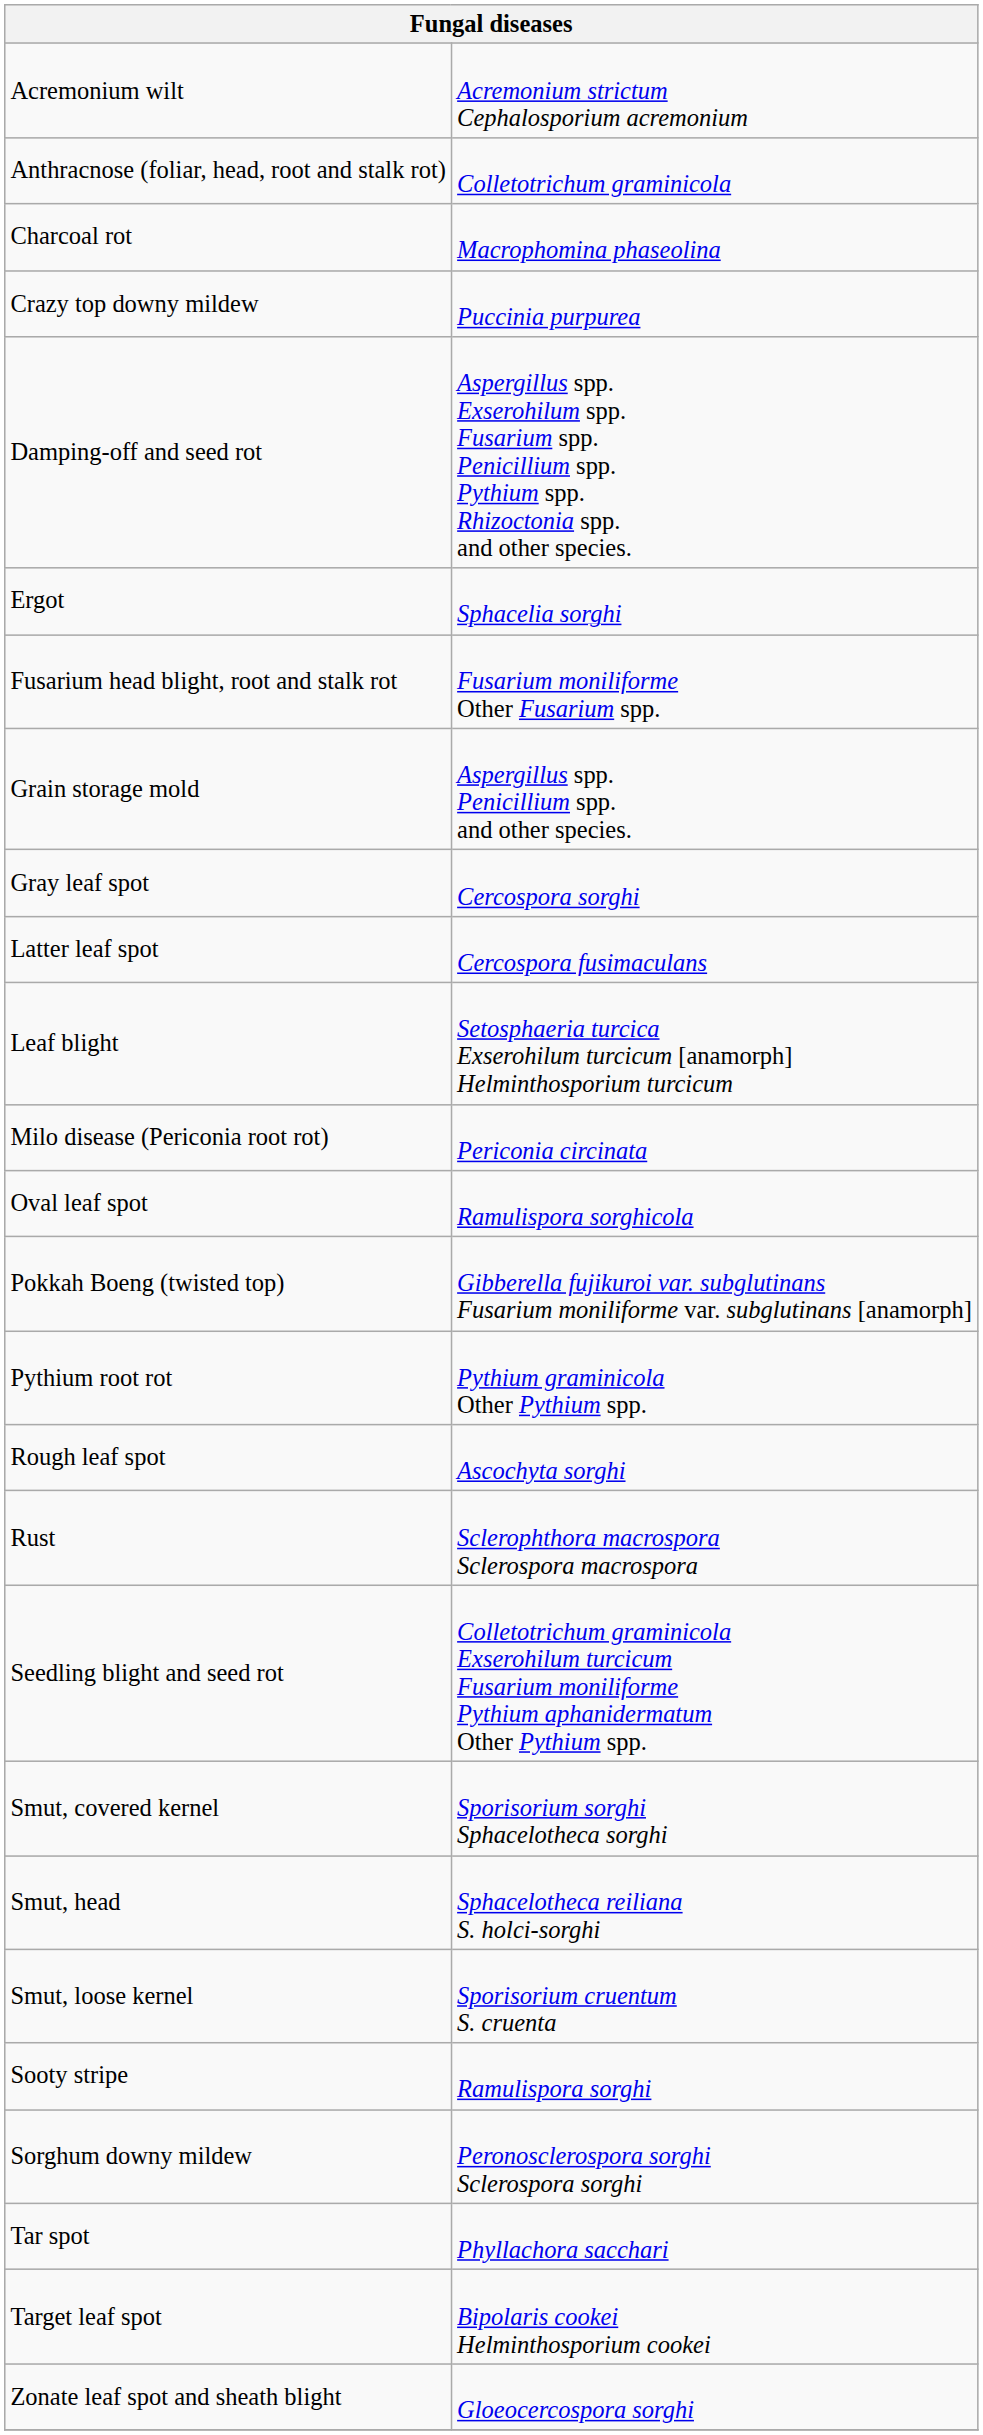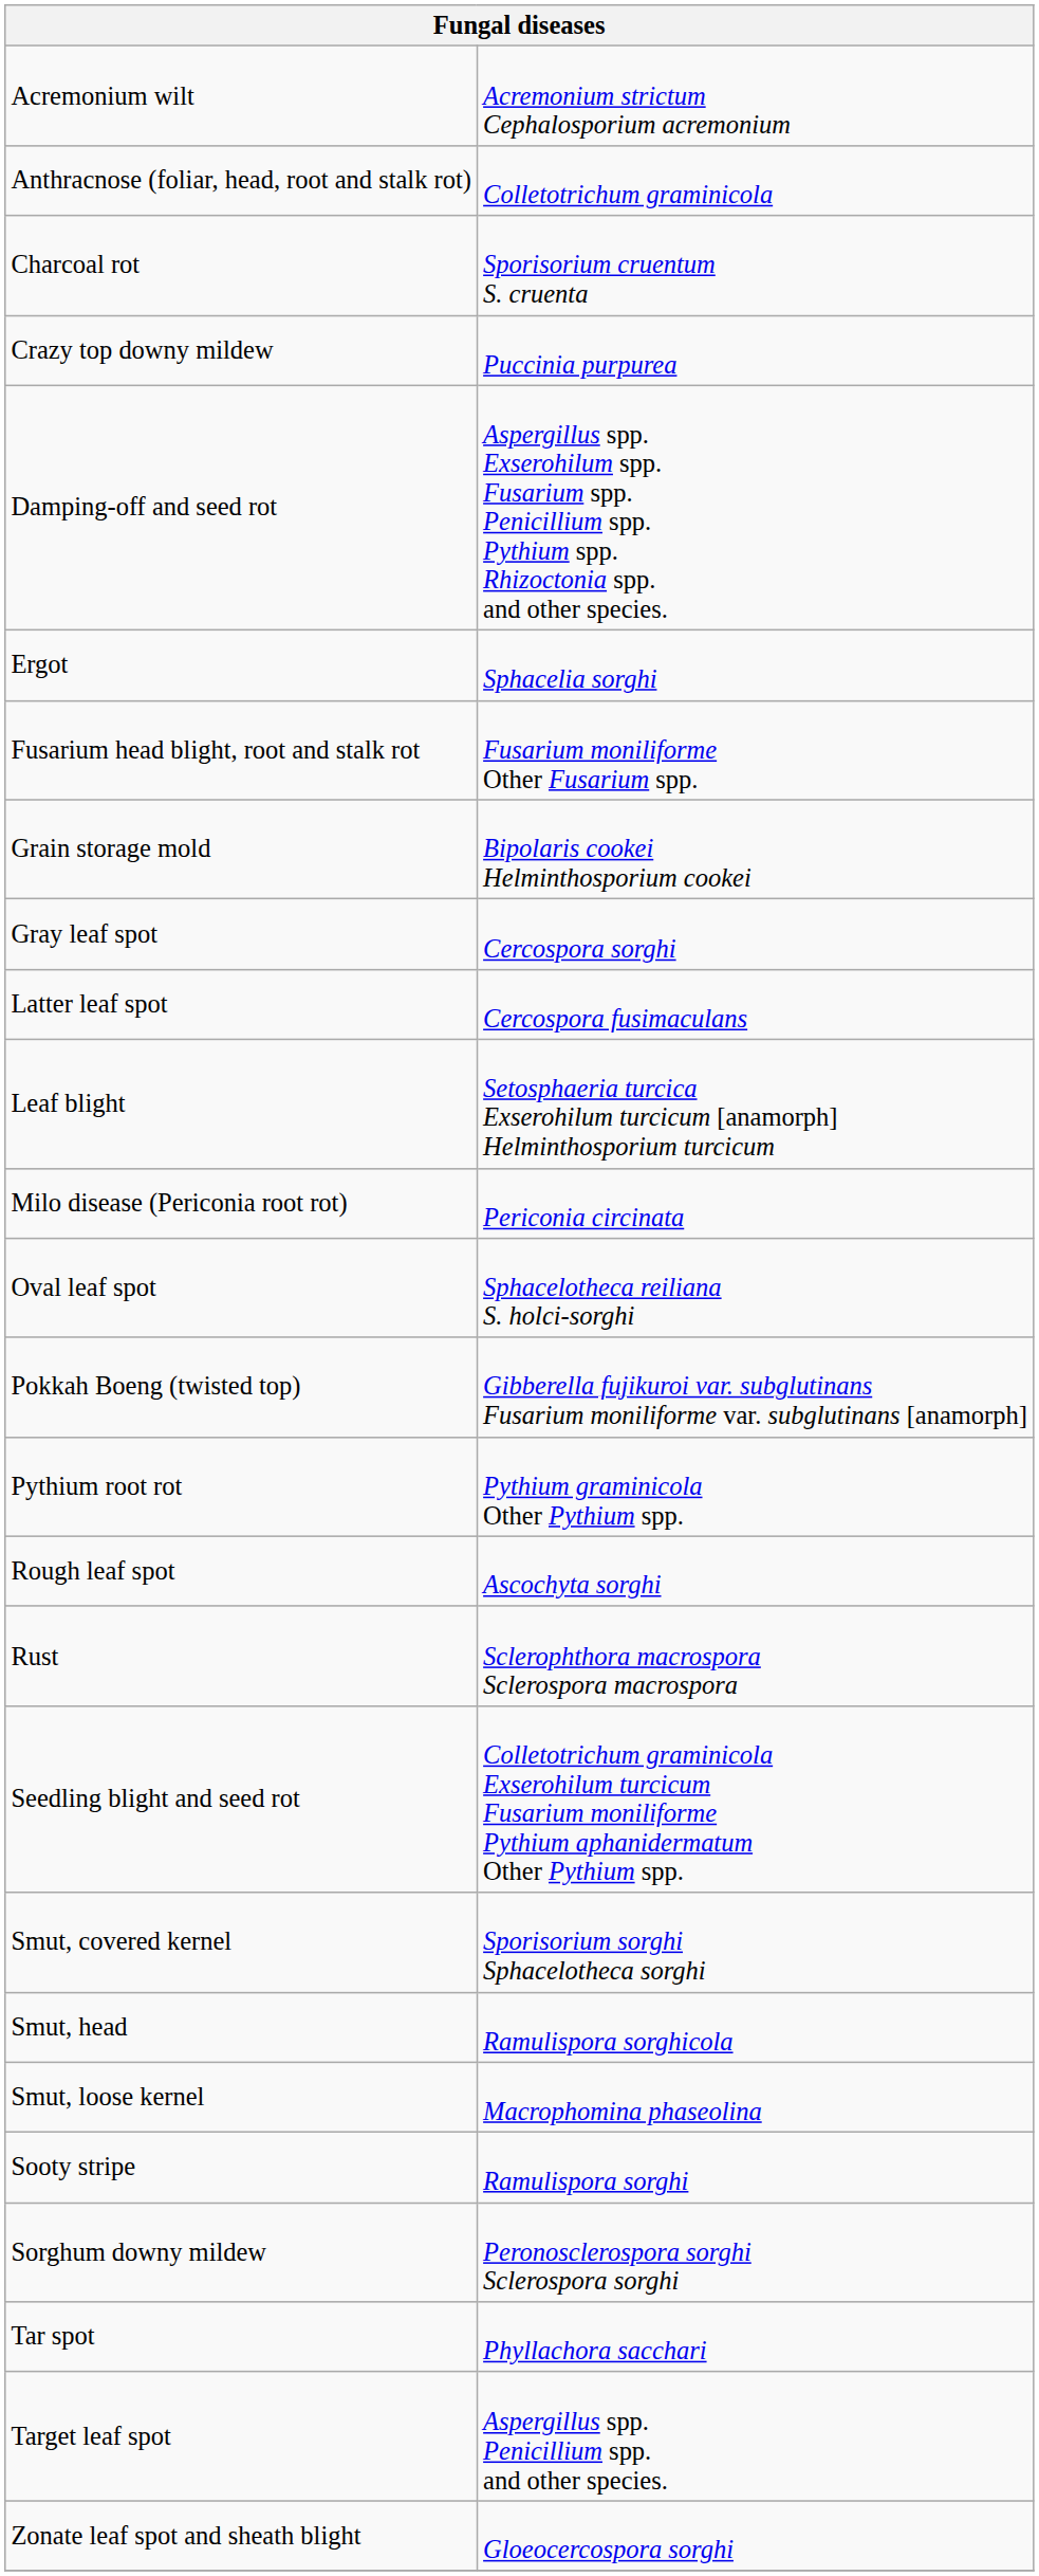 <table class="wikitable" style="clear">
 <tr>
 <th colspan=2><strong>Fungal diseases</strong><br></th>
 </tr>
 <tr>
 <td>Acremonium wilt</td>
 <td><br><em><a href='#'>Acremonium strictum</a></em> <br>  <em>Cephalosporium acremonium</em></td>
 </tr>
 <tr>
 <td>Anthracnose (foliar, head, root and stalk rot)</td>
 <td><br><em><a href='#'>Colletotrichum graminicola</a></em><br></td>
 </tr>
 <tr>
 <td>Charcoal rot</td>
-<td><br><em><a href='#'>Macrophomina phaseolina</a></em></td>
+<td><br><em><a href='#'>Sporisorium cruentum</a></em> <br>  <em>S. cruenta</em></td>
 </tr>
 <tr>
 <td>Crazy top downy mildew</td>
 <td><br><em><a href='#'>Puccinia purpurea</a></em></td>
 </tr>
 <tr>
 <td>Damping-off and seed rot</td>
 <td><br><em><a href='#'>Aspergillus</a></em> spp.<br> <em><a href='#'>Exserohilum</a></em> spp.<br> <em><a href='#'>Fusarium</a></em> spp.<br> <em><a href='#'>Penicillium</a></em> spp.<br> <em><a href='#'>Pythium</a></em> spp.<br> <em><a href='#'>Rhizoctonia</a></em> spp.<br> and other species.</td>
 </tr>
 <tr>
 <td>Ergot</td>
 <td><br><em><a href='#'>Sphacelia sorghi</a></em><br></td>
 </tr>
 <tr>
 <td>Fusarium head blight, root and stalk rot</td>
 <td><br><em><a href='#'>Fusarium moniliforme</a></em><br>Other <em><a href='#'>Fusarium</a></em> spp.</td>
 </tr>
 <tr>
 <td>Grain storage mold</td>
-<td><br><em><a href='#'>Aspergillus</a></em> spp.<br> <em><a href='#'>Penicillium</a></em> spp.<br> and other species.</td>
+<td><br><em><a href='#'>Bipolaris cookei</a></em> <br>  <em>Helminthosporium cookei</em></td>
 </tr>
 <tr>
 <td>Gray leaf spot</td>
 <td><br><em><a href='#'>Cercospora sorghi</a></em></td>
 </tr>
 <tr>
 <td>Latter leaf spot</td>
 <td><br><em><a href='#'>Cercospora fusimaculans</a></em></td>
 </tr>
 <tr>
 <td>Leaf blight</td>
 <td><br><em><a href='#'>Setosphaeria turcica</a></em><br>  <em>Exserohilum turcicum</em> [anamorph] <br>  <em>Helminthosporium turcicum</em></td>
 </tr>
 <tr>
 <td>Milo disease (Periconia root rot)</td>
 <td><br><em><a href='#'>Periconia circinata</a></em></td>
 </tr>
 <tr>
 <td>Oval leaf spot</td>
-<td><br><em><a href='#'>Ramulispora sorghicola</a></em></td>
+<td><br><em><a href='#'>Sphacelotheca reiliana</a></em> <br>  <em>S. holci-sorghi</em></td>
 </tr>
 <tr>
 <td>Pokkah Boeng (twisted top)</td>
 <td><br><em><a href='#'>Gibberella fujikuroi var. subglutinans</a></em><br>  <em>Fusarium moniliforme</em> var. <em>subglutinans</em> [anamorph]</td>
 </tr>
 <tr>
 <td>Pythium root rot</td>
 <td><br><em><a href='#'>Pythium graminicola</a></em> <br> Other <em><a href='#'>Pythium</a></em> spp.</td>
 </tr>
 <tr>
 <td>Rough leaf spot</td>
 <td><br><em><a href='#'>Ascochyta sorghi</a></em></td>
 </tr>
 <tr>
 <td>Rust</td>
 <td><br><em><a href='#'>Sclerophthora macrospora</a></em> <br>  <em>Sclerospora macrospora</em></td>
 </tr>
 <tr>
 <td>Seedling blight and seed rot</td>
 <td><br><em><a href='#'>Colletotrichum graminicola</a></em><br> <em><a href='#'>Exserohilum turcicum</a></em><br> <em><a href='#'>Fusarium moniliforme</a></em><br> <em><a href='#'>Pythium aphanidermatum</a></em><br> Other <em><a href='#'>Pythium</a></em> spp.</td>
 </tr>
 <tr>
 <td>Smut, covered kernel</td>
 <td><br><em><a href='#'>Sporisorium sorghi</a></em> <br>  <em>Sphacelotheca sorghi</em></td>
 </tr>
 <tr>
 <td>Smut, head</td>
-<td><br><em><a href='#'>Sphacelotheca reiliana</a></em> <br>  <em>S. holci-sorghi</em></td>
+<td><br><em><a href='#'>Ramulispora sorghicola</a></em></td>
 </tr>
 <tr>
 <td>Smut, loose kernel</td>
-<td><br><em><a href='#'>Sporisorium cruentum</a></em> <br>  <em>S. cruenta</em></td>
+<td><br><em><a href='#'>Macrophomina phaseolina</a></em></td>
 </tr>
 <tr>
 <td>Sooty stripe</td>
 <td><br><em><a href='#'>Ramulispora sorghi</a></em></td>
 </tr>
 <tr>
 <td>Sorghum downy mildew</td>
 <td><br><em><a href='#'>Peronosclerospora sorghi</a></em> <br>  <em>Sclerospora sorghi</em></td>
 </tr>
 <tr>
 <td>Tar spot</td>
 <td><br><em><a href='#'>Phyllachora sacchari</a></em></td>
 </tr>
 <tr>
 <td>Target leaf spot</td>
-<td><br><em><a href='#'>Bipolaris cookei</a></em> <br>  <em>Helminthosporium cookei</em></td>
+<td><br><em><a href='#'>Aspergillus</a></em> spp.<br> <em><a href='#'>Penicillium</a></em> spp.<br> and other species.</td>
 </tr>
 <tr>
 <td>Zonate leaf spot and sheath blight</td>
 <td><br><em><a href='#'>Gloeocercospora sorghi</a></em></td>
 </tr>
 <tr>
 </tr>
 </table>
